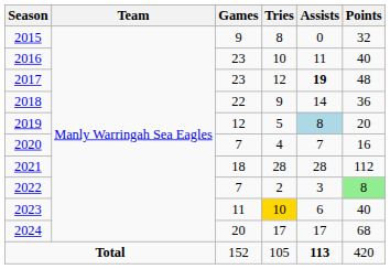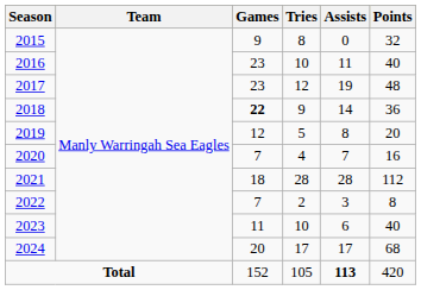 <table class="wikitable" style="text-align:center;">
 <tr style="background:#bdb76b;">
 <th>Season</th>
 <th>Team</th>
 <th>Games</th>
 <th>Tries</th>
 <th>Assists</th>
 <th>Points</th>
 </tr>
 <tr>
 <td><a href='#'>2015</a></td>
 <td rowspan="10"> <a href='#'>Manly Warringah Sea Eagles</a></td>
 <td>9</td>
 <td>8</td>
 <td>0</td>
 <td>32</td>
 </tr>
 <tr>
 <td><a href='#'>2016</a></td>
 <td>23</td>
 <td>10</td>
 <td>11</td>
 <td>40</td>
 </tr>
 <tr>
 <td><a href='#'>2017</a></td>
 <td>23</td>
 <td>12</td>
-<td><strong>19</strong></td>
+<td>19</td>
 <td>48</td>
 </tr>
 <tr>
 <td><a href='#'>2018</a></td>
-<td>22</td>
+<td><strong>22</strong></td>
 <td>9</td>
 <td>14</td>
 <td>36</td>
 </tr>
 <tr>
 <td><a href='#'>2019</a></td>
 <td>12</td>
 <td>5</td>
-<td style="background: lightblue;">8</td>
+<td>8</td>
 <td>20</td>
 </tr>
 <tr>
 <td><a href='#'>2020</a></td>
 <td>7</td>
 <td>4</td>
 <td>7</td>
 <td>16</td>
 </tr>
 <tr>
 <td><a href='#'>2021</a></td>
 <td>18</td>
 <td>28</td>
 <td>28</td>
 <td>112</td>
 </tr>
 <tr>
 <td><a href='#'>2022</a></td>
 <td>7</td>
 <td>2</td>
 <td>3</td>
-<td style="background: lightgreen;">8</td>
+<td>8</td>
 </tr>
 <tr>
 <td><a href='#'>2023</a></td>
 <td>11</td>
-<td style="background: gold;">10</td>
+<td>10</td>
 <td>6</td>
 <td>40</td>
 </tr>
 <tr>
 <td><a href='#'>2024</a></td>
 <td>20</td>
 <td>17</td>
 <td>17</td>
 <td>68</td>
 </tr>
 <tr>
 <td colspan="2"><strong>Total</strong></td>
 <td>152</td>
 <td>105</td>
 <td><strong>113</strong></td>
 <td>420</td>
 </tr>
 </table>
